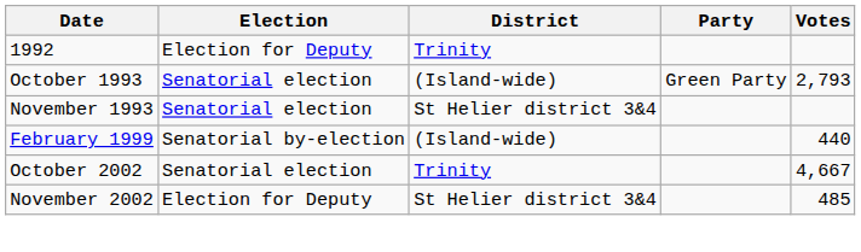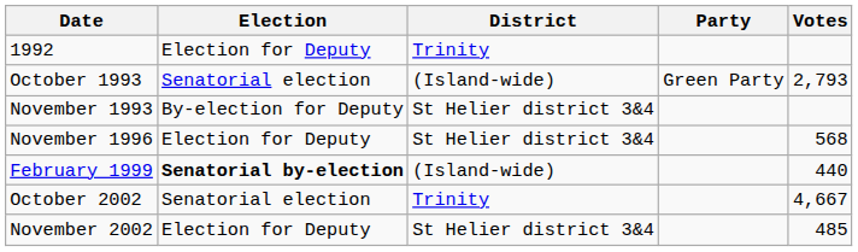 <table class="wikitable">
 <tr>
 <th>Date</th>
 <th>Election</th>
 <th>District</th>
 <th>Party</th>
 <th>Votes</th>
 </tr>
 <tr>
 <td>1992</td>
 <td>Election for <a href='#'>Deputy</a></td>
 <td><a href='#'>Trinity</a></td>
 <td></td>
 <td></td>
 </tr>
 <tr>
 <td>October 1993</td>
 <td><a href='#'>Senatorial</a> election</td>
 <td>(Island-wide)</td>
 <td>Green Party</td>
 <td style="text-align:right;">2,793</td>
 </tr>
 <tr>
 <td>November 1993</td>
-<td><a href='#'>Senatorial</a> election</td>
+<td>By-election for Deputy</td>
 <td>St Helier district 3&4</td>
 <td></td>
 <td></td>
 </tr>
 <tr>
+<td>November 1996</td>
+<td>Election for Deputy</td>
+<td>St Helier district 3&4</td>
+<td></td>
+<td style="text-align:right;">568</td>
+</tr>
+<tr>
 <td><a href='#'>February 1999</a></td>
-<td>Senatorial by-election</td>
+<td><strong>Senatorial by-election</strong></td>
 <td>(Island-wide)</td>
 <td></td>
 <td style="text-align:right;">440</td>
 </tr>
 <tr>
 <td>October 2002</td>
 <td>Senatorial election</td>
 <td><a href='#'>Trinity</a></td>
 <td></td>
 <td style="text-align:right;">4,667</td>
 </tr>
 <tr>
 <td>November 2002</td>
 <td>Election for Deputy</td>
 <td>St Helier district 3&4</td>
 <td></td>
 <td style="text-align:right;">485</td>
 </tr>
 </table>
